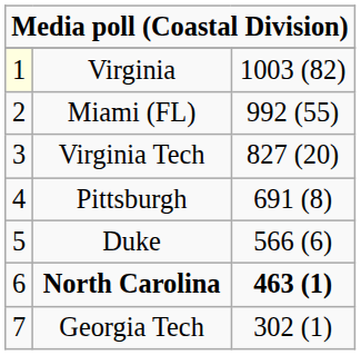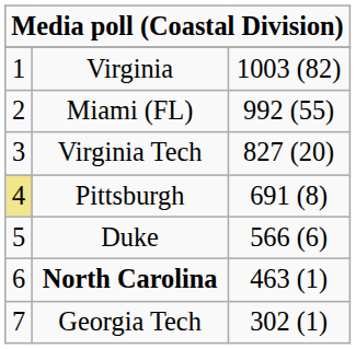 <table class="wikitable" style="display: inline-table;">
 <tr>
 <td align="center" Colspan="3"><strong>Media poll (Coastal Division)</strong></td>
 </tr>
 <tr align="center">
 </tr>
 <tr align="center">
-<td style="background: lightyellow;">1</td>
+<td>1</td>
 <td>Virginia</td>
 <td>1003 (82)</td>
 </tr>
 <tr align="center">
 <td>2</td>
 <td>Miami (FL)</td>
 <td>992 (55)</td>
 </tr>
 <tr align="center">
 <td>3</td>
 <td>Virginia Tech</td>
 <td>827 (20)</td>
 </tr>
 <tr align="center">
-<td>4</td>
+<td style="background: khaki;">4</td>
 <td>Pittsburgh</td>
 <td>691 (8)</td>
 </tr>
 <tr align="center">
 <td>5</td>
 <td>Duke</td>
 <td>566 (6)</td>
 </tr>
 <tr align="center">
 <td>6</td>
 <td><strong>North Carolina</strong></td>
-<td><strong>463 (1)</strong></td>
+<td>463 (1)</td>
 </tr>
 <tr align="center">
 <td>7</td>
 <td>Georgia Tech</td>
 <td>302 (1)</td>
 </tr>
 </table>
